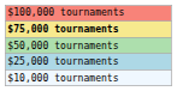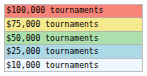 <table class="wikitable" style="font-size:85%;" width=15%>
 <tr bgcolor="#F88379">
 <td>$100,000 tournaments</td>
 </tr>
 <tr bgcolor="#F7E98E">
-<td><strong>$75,000 tournaments</strong></td>
+<td>$75,000 tournaments</td>
 </tr>
 <tr style="background:#addfad;">
 <td>$50,000 tournaments</td>
 </tr>
 <tr style="background:lightblue;">
 <td>$25,000 tournaments</td>
 </tr>
 <tr style="background:#f0f8ff;">
 <td>$10,000 tournaments</td>
 </tr>
 </table>
